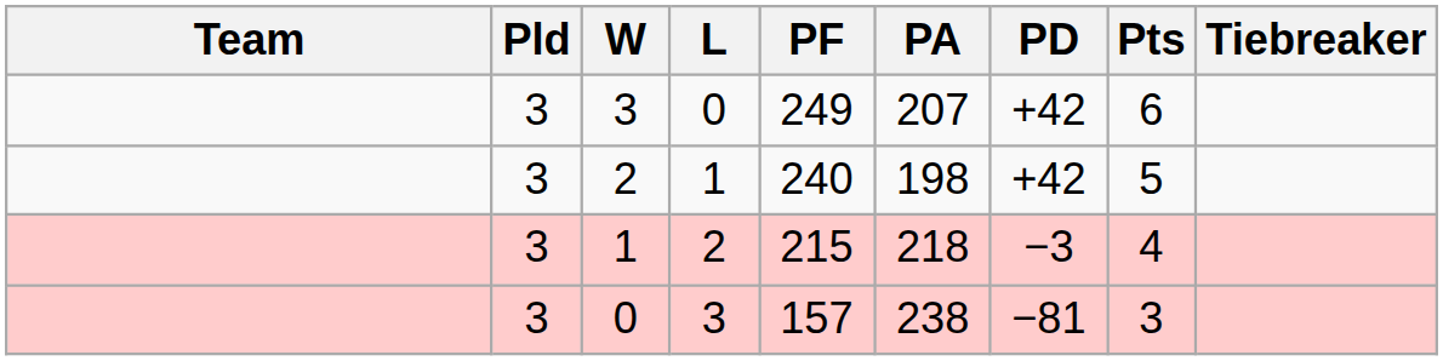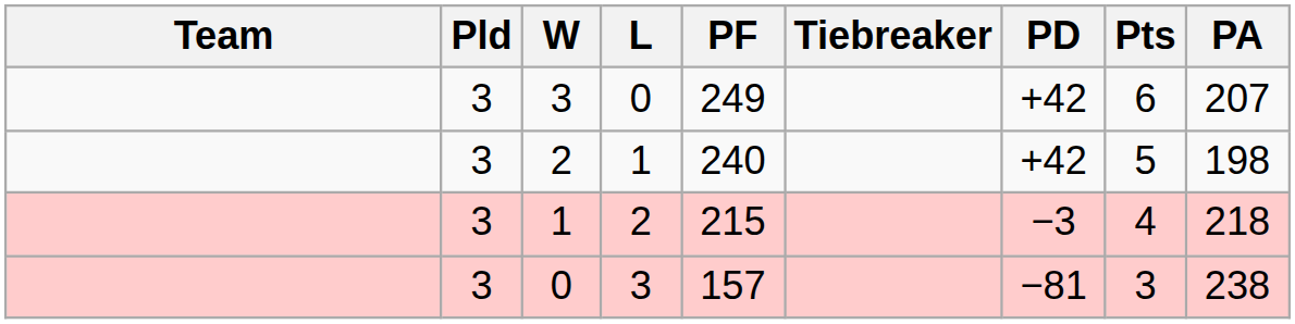 <table class="wikitable" style="text-align:center;">
 <tr>
 <th width=170>Team</th>
 <th width=25>Pld</th>
 <th width=25>W</th>
 <th width=25>L</th>
 <th width=35>PF</th>
-<th width=35>PA</th>
+<th width=50>Tiebreaker</th>
 <th width=35>PD</th>
 <th width=25>Pts</th>
-<th width=50>Tiebreaker</th>
+<th width=35>PA</th>
 </tr>
 <tr bgcolor=>
 <td align="left"></td>
 <td>3</td>
 <td>3</td>
 <td>0</td>
 <td>249</td>
-<td>207</td>
+<td></td>
 <td>+42</td>
 <td>6</td>
-<td></td>
+<td>207</td>
 </tr>
 <tr bgcolor=>
 <td align="left"></td>
 <td>3</td>
 <td>2</td>
 <td>1</td>
 <td>240</td>
-<td>198</td>
+<td></td>
 <td>+42</td>
 <td>5</td>
-<td></td>
+<td>198</td>
 </tr>
 <tr bgcolor=ffcccc>
 <td align="left"></td>
 <td>3</td>
 <td>1</td>
 <td>2</td>
 <td>215</td>
-<td>218</td>
+<td></td>
 <td>−3</td>
 <td>4</td>
-<td></td>
+<td>218</td>
 </tr>
 <tr bgcolor=ffcccc>
 <td align="left"></td>
 <td>3</td>
 <td>0</td>
 <td>3</td>
 <td>157</td>
-<td>238</td>
+<td></td>
 <td>−81</td>
 <td>3</td>
-<td></td>
+<td>238</td>
 </tr>
 </table>
